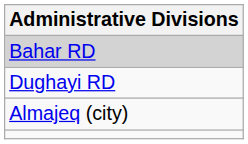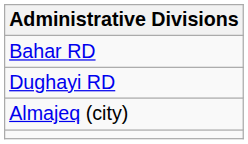 <table class="wikitable">
 <tr>
 <th>Administrative Divisions</th>
 </tr>
 <tr>
-<td style="background: lightgrey;"><a href='#'>Bahar RD</a></td>
+<td><a href='#'>Bahar RD</a></td>
 </tr>
 <tr>
 <td><a href='#'>Dughayi RD</a></td>
 </tr>
 <tr>
 <td><a href='#'>Almajeq</a> (city)</td>
 </tr>
 <tr>
 <td colspan=1></td>
 </tr>
 </table>
